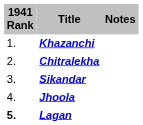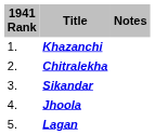 <table cellspacing="0" cellpadding="4" border="0">
 <tr style="background:silver; text-align:center;">
 <td><strong>1941</strong><br><strong>Rank</strong></td>
 <td><strong>Title</strong></td>
 <td><strong>Notes</strong></td>
 </tr>
 <tr>
 <td>1.</td>
 <td><strong><em><a href='#'>Khazanchi</a></em></strong></td>
 <td></td>
 </tr>
 <tr>
 <td>2.</td>
 <td><strong><em><a href='#'>Chitralekha</a></em></strong></td>
 <td></td>
 </tr>
 <tr>
 <td>3.</td>
 <td><strong><em><a href='#'>Sikandar</a></em></strong></td>
 <td></td>
 </tr>
 <tr>
 <td>4.</td>
 <td><strong><em><a href='#'>Jhoola</a></em></strong></td>
 <td></td>
 </tr>
 <tr>
-<td><strong>5.</strong></td>
+<td>5.</td>
 <td><strong><em><a href='#'>Lagan</a></em></strong></td>
 <td></td>
 </tr>
 </table>
